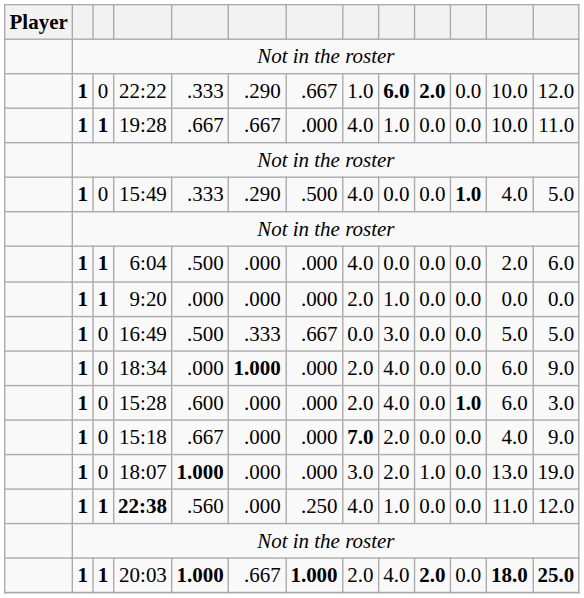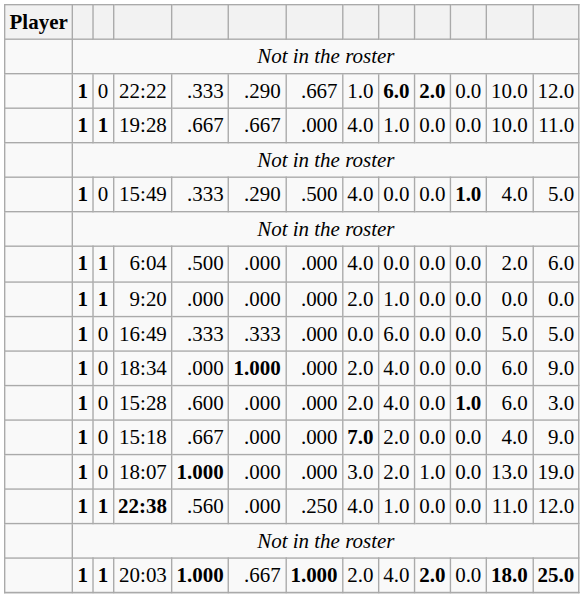 <table class="wikitable sortable" style="font-size:95%; text-align:right;">
 <tr>
 <th>Player</th>
 <th></th>
 <th></th>
 <th></th>
 <th></th>
 <th></th>
 <th></th>
 <th></th>
 <th></th>
 <th></th>
 <th></th>
 <th></th>
 <th></th>
 </tr>
 <tr>
 <td><strong></strong></td>
 <td colspan=12 data-sort-value="-50" style="text-align:center"><em>Not in the roster</em></td>
 </tr>
 <tr>
 <td><strong></strong></td>
 <td><strong>1</strong></td>
 <td>0</td>
 <td>22:22</td>
 <td>.333</td>
 <td>.290</td>
 <td>.667</td>
 <td>1.0</td>
 <td><strong>6.0</strong></td>
 <td><strong>2.0</strong></td>
 <td>0.0</td>
 <td>10.0</td>
 <td>12.0</td>
 </tr>
 <tr>
 <td><strong></strong></td>
 <td><strong>1</strong></td>
 <td><strong>1</strong></td>
 <td>19:28</td>
 <td>.667</td>
 <td>.667</td>
 <td>.000</td>
 <td>4.0</td>
 <td>1.0</td>
 <td>0.0</td>
 <td>0.0</td>
 <td>10.0</td>
 <td>11.0</td>
 </tr>
 <tr>
 <td><strong></strong></td>
 <td colspan=12 data-sort-value="-50" style="text-align:center"><em>Not in the roster</em></td>
 </tr>
 <tr>
 <td><strong></strong></td>
 <td><strong>1</strong></td>
 <td>0</td>
 <td>15:49</td>
 <td>.333</td>
 <td>.290</td>
 <td>.500</td>
 <td>4.0</td>
 <td>0.0</td>
 <td>0.0</td>
 <td><strong>1.0</strong></td>
 <td>4.0</td>
 <td>5.0</td>
 </tr>
 <tr>
 <td><strong></strong></td>
 <td colspan=12 data-sort-value="-50" style="text-align:center"><em>Not in the roster</em></td>
 </tr>
 <tr>
 <td><strong></strong></td>
 <td><strong>1</strong></td>
 <td><strong>1</strong></td>
 <td>6:04</td>
 <td>.500</td>
 <td>.000</td>
 <td>.000</td>
 <td>4.0</td>
 <td>0.0</td>
 <td>0.0</td>
 <td>0.0</td>
 <td>2.0</td>
 <td>6.0</td>
 </tr>
 <tr>
 <td><strong></strong></td>
 <td><strong>1</strong></td>
 <td><strong>1</strong></td>
 <td>9:20</td>
 <td>.000</td>
 <td>.000</td>
 <td>.000</td>
 <td>2.0</td>
 <td>1.0</td>
 <td>0.0</td>
 <td>0.0</td>
 <td>0.0</td>
 <td>0.0</td>
 </tr>
 <tr>
 <td><strong></strong></td>
 <td><strong>1</strong></td>
 <td>0</td>
 <td>16:49</td>
-<td>.500</td>
 <td>.333</td>
-<td>.667</td>
+<td>.333</td>
+<td>.000</td>
 <td>0.0</td>
-<td>3.0</td>
+<td>6.0</td>
 <td>0.0</td>
 <td>0.0</td>
 <td>5.0</td>
 <td>5.0</td>
 </tr>
 <tr>
 <td><strong></strong></td>
 <td><strong>1</strong></td>
 <td>0</td>
 <td>18:34</td>
 <td>.000</td>
 <td><strong>1.000</strong></td>
 <td>.000</td>
 <td>2.0</td>
 <td>4.0</td>
 <td>0.0</td>
 <td>0.0</td>
 <td>6.0</td>
 <td>9.0</td>
 </tr>
 <tr>
 <td><strong></strong></td>
 <td><strong>1</strong></td>
 <td>0</td>
 <td>15:28</td>
 <td>.600</td>
 <td>.000</td>
 <td>.000</td>
 <td>2.0</td>
 <td>4.0</td>
 <td>0.0</td>
 <td><strong>1.0</strong></td>
 <td>6.0</td>
 <td>3.0</td>
 </tr>
 <tr>
 <td><strong></strong></td>
 <td><strong>1</strong></td>
 <td>0</td>
 <td>15:18</td>
 <td>.667</td>
 <td>.000</td>
 <td>.000</td>
 <td><strong>7.0</strong></td>
 <td>2.0</td>
 <td>0.0</td>
 <td>0.0</td>
 <td>4.0</td>
 <td>9.0</td>
 </tr>
 <tr>
 <td><strong></strong></td>
 <td><strong>1</strong></td>
 <td>0</td>
 <td>18:07</td>
 <td><strong>1.000</strong></td>
 <td>.000</td>
 <td>.000</td>
 <td>3.0</td>
 <td>2.0</td>
 <td>1.0</td>
 <td>0.0</td>
 <td>13.0</td>
 <td>19.0</td>
 </tr>
 <tr>
 <td><strong></strong></td>
 <td><strong>1</strong></td>
 <td><strong>1</strong></td>
 <td><strong>22:38</strong></td>
 <td>.560</td>
 <td>.000</td>
 <td>.250</td>
 <td>4.0</td>
 <td>1.0</td>
 <td>0.0</td>
 <td>0.0</td>
 <td>11.0</td>
 <td>12.0</td>
 </tr>
 <tr>
 <td><strong></strong></td>
 <td colspan=12 data-sort-value="-50" style="text-align:center"><em>Not in the roster</em></td>
 </tr>
 <tr>
 <td><strong></strong></td>
 <td><strong>1</strong></td>
 <td><strong>1</strong></td>
 <td>20:03</td>
 <td><strong>1.000</strong></td>
 <td>.667</td>
 <td><strong>1.000</strong></td>
 <td>2.0</td>
 <td>4.0</td>
 <td><strong>2.0</strong></td>
 <td>0.0</td>
 <td><strong>18.0</strong></td>
 <td><strong>25.0</strong></td>
 </tr>
 <tr>
 </tr>
 </table>
